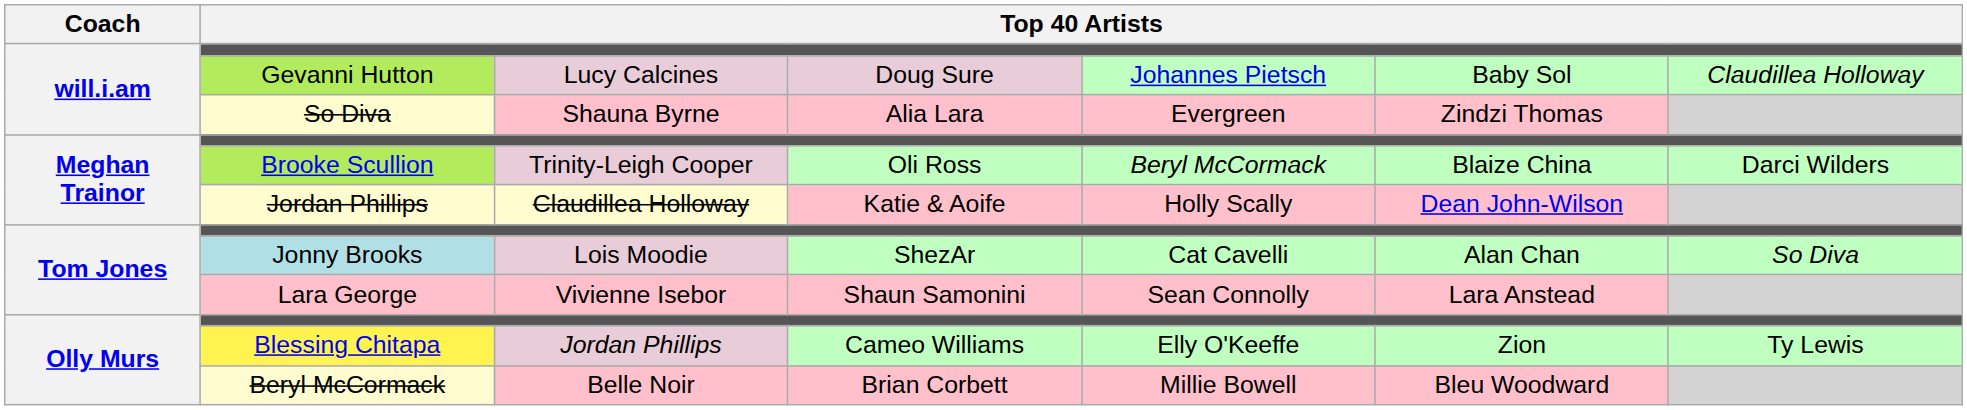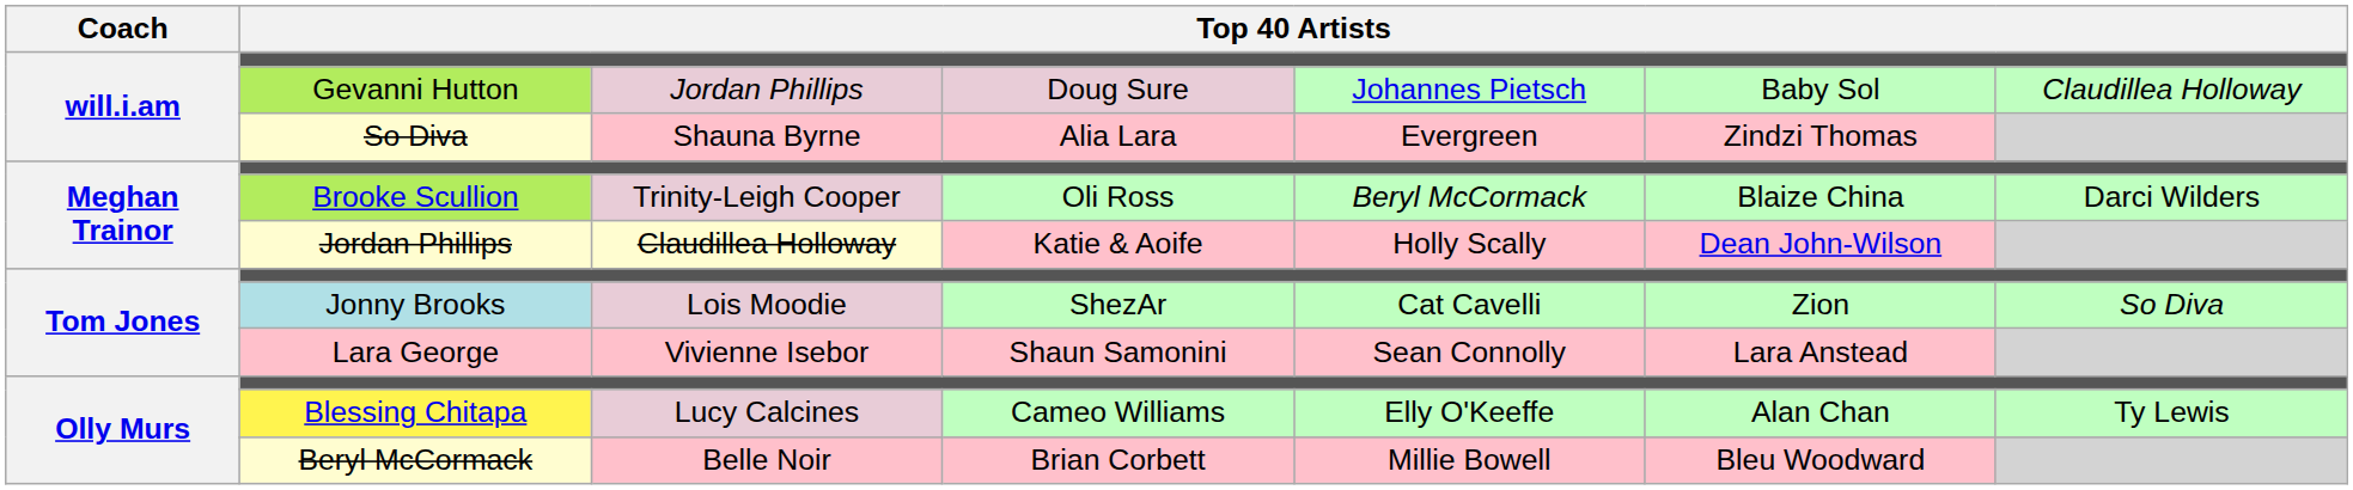 <table class="wikitable" style="text-align:center; width:100%;">
 <tr>
 <th scope="col" style="width:10%;">Coach</th>
 <th colspan="6" scope="col">Top 40 Artists</th>
 </tr>
 <tr>
 <th rowspan="3" scope="row"><a href='#'>will.i.am</a></th>
 <td colspan="6" style="background:#555;"></td>
 </tr>
 <tr>
 <td style="background:#B2EC5D; width:15%">Gevanni Hutton</td>
-<td style="background:#E8CCD7; width:15%">Lucy Calcines</td>
+<td style="background:#E8CCD7; width:15%"><em>Jordan Phillips</em></td>
 <td style="background:#E8CCD7; width:15%">Doug Sure</td>
 <td style="background:#BFFFC0; width:15%"><a href='#'>Johannes Pietsch</a></td>
 <td style="background:#BFFFC0; width:15%">Baby Sol</td>
 <td style="background:#BFFFC0; width:15%"><em>Claudillea Holloway</em></td>
 </tr>
 <tr>
 <td style="background:#FFFDD0;"><s>So Diva</s></td>
 <td style="background:pink;">Shauna Byrne</td>
 <td style="background:pink;">Alia Lara</td>
 <td style="background:pink;">Evergreen</td>
 <td style="background:pink;">Zindzi Thomas</td>
 <td style="background:lightgray;"></td>
 </tr>
 <tr>
 <th rowspan="3" scope="row"><a href='#'>Meghan Trainor</a></th>
 <td colspan="6" style="background:#555;"></td>
 </tr>
 <tr>
 <td style="background:#B2EC5D;"><a href='#'>Brooke Scullion</a></td>
 <td style="background:#E8CCD7; width:15%">Trinity-Leigh Cooper</td>
 <td style="background:#BFFFC0;">Oli Ross</td>
 <td style="background:#BFFFC0;"><em>Beryl McCormack</em></td>
 <td style="background:#BFFFC0;">Blaize China</td>
 <td style="background:#BFFFC0;">Darci Wilders</td>
 </tr>
 <tr>
 <td style="background:#FFFDD0;"><s>Jordan Phillips</s></td>
 <td style="background:#FFFDD0;"><s>Claudillea Holloway</s></td>
 <td style="background:pink;">Katie & Aoife</td>
 <td style="background:pink;">Holly Scally</td>
 <td style="background:pink;"><a href='#'>Dean John-Wilson</a></td>
 <td style="background:lightgray;"></td>
 </tr>
 <tr>
 <th rowspan="3" scope="row"><a href='#'>Tom Jones</a></th>
 <td colspan="6" style="background:#555;"></td>
 </tr>
 <tr>
 <td style="background:#B0E0E6;">Jonny Brooks</td>
 <td style="background:#E8CCD7; width:15%">Lois Moodie</td>
 <td style="background:#BFFFC0;">ShezAr</td>
 <td style="background:#BFFFC0;">Cat Cavelli</td>
-<td style="background:#BFFFC0;">Alan Chan</td>
+<td style="background:#BFFFC0;">Zion</td>
 <td style="background:#BFFFC0;"><em>So Diva</em></td>
 </tr>
 <tr>
 <td style="background:pink;">Lara George</td>
 <td style="background:pink;">Vivienne Isebor</td>
 <td style="background:pink;">Shaun Samonini</td>
 <td style="background:pink;">Sean Connolly</td>
 <td style="background:pink;">Lara Anstead</td>
 <td style="background:lightgray;"></td>
 </tr>
 <tr>
 <th rowspan="3" scope="row"><a href='#'>Olly Murs</a></th>
 <td colspan="6" style="background:#555;"></td>
 </tr>
 <tr>
 <td style="background:#FFF44F;"><a href='#'>Blessing Chitapa</a></td>
-<td style="background:#E8CCD7; width:15%"><em>Jordan Phillips</em></td>
+<td style="background:#E8CCD7; width:15%">Lucy Calcines</td>
 <td style="background:#BFFFC0;">Cameo Williams</td>
 <td style="background:#BFFFC0;">Elly O'Keeffe</td>
-<td style="background:#BFFFC0;">Zion</td>
+<td style="background:#BFFFC0;">Alan Chan</td>
 <td style="background:#BFFFC0;">Ty Lewis</td>
 </tr>
 <tr>
 <td style="background:#FFFDD0;"><s>Beryl McCormack</s></td>
 <td style="background:pink;">Belle Noir</td>
 <td style="background:pink;">Brian Corbett</td>
 <td style="background:pink;">Millie Bowell</td>
 <td style="background:pink;">Bleu Woodward</td>
 <td style="background:lightgray;"></td>
 </tr>
 </table>
